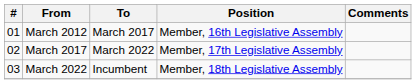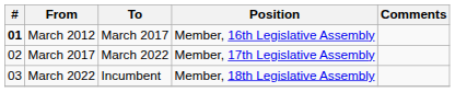 <table class="wikitable sortable">
 <tr>
 <th>#</th>
 <th>From</th>
 <th>To</th>
 <th>Position</th>
 <th>Comments</th>
 </tr>
 <tr>
-<td>01</td>
+<td><strong>01</strong></td>
 <td>March 2012</td>
 <td>March 2017</td>
 <td>Member, <a href='#'>16th Legislative Assembly</a></td>
 <td></td>
 </tr>
 <tr>
 <td>02</td>
 <td>March 2017</td>
 <td>March 2022</td>
 <td>Member, <a href='#'>17th Legislative Assembly</a></td>
 <td></td>
 </tr>
 <tr>
 <td>03</td>
 <td>March 2022</td>
 <td>Incumbent</td>
 <td>Member, <a href='#'>18th Legislative Assembly</a></td>
 <td></td>
 </tr>
 <tr>
 </tr>
 </table>
